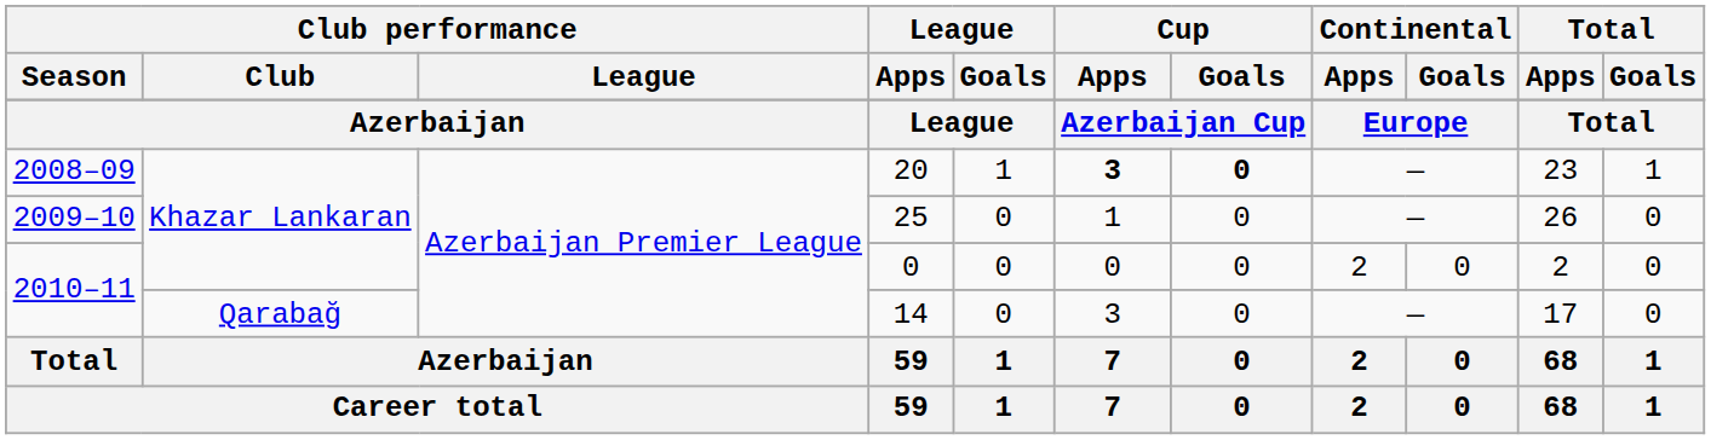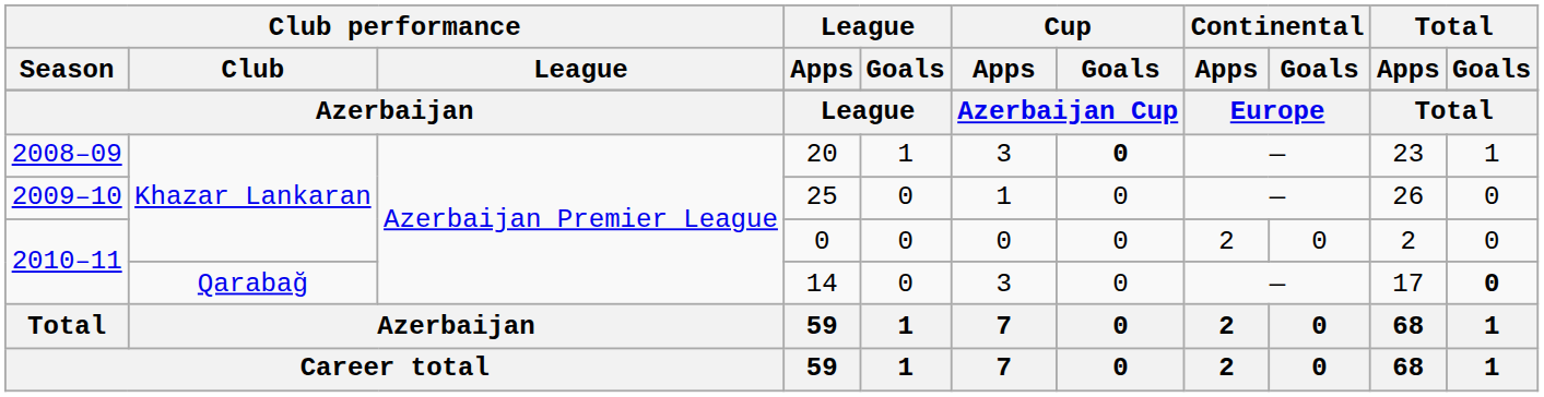 <table class="wikitable" style="text-align:center">
 <tr>
 <th colspan=3>Club performance</th>
 <th colspan=2>League</th>
 <th colspan=2>Cup</th>
 <th colspan=2>Continental</th>
 <th colspan=2>Total</th>
 </tr>
 <tr>
 <th>Season</th>
 <th>Club</th>
 <th>League</th>
 <th>Apps</th>
 <th>Goals</th>
 <th>Apps</th>
 <th>Goals</th>
 <th>Apps</th>
 <th>Goals</th>
 <th>Apps</th>
 <th>Goals</th>
 </tr>
 <tr>
 </tr>
 <tr>
 <th colspan=3>Azerbaijan</th>
 <th colspan=2>League</th>
 <th colspan=2><a href='#'>Azerbaijan Cup</a></th>
 <th colspan=2><a href='#'>Europe</a></th>
 <th colspan=2>Total</th>
 </tr>
 <tr>
 <td><a href='#'>2008–09</a></td>
 <td rowspan="3"><a href='#'>Khazar Lankaran</a></td>
 <td rowspan="4"><a href='#'>Azerbaijan Premier League</a></td>
 <td>20</td>
 <td>1</td>
-<td><strong>3</strong></td>
+<td>3</td>
 <td><strong>0</strong></td>
 <td colspan="2">—</td>
 <td>23</td>
 <td>1</td>
 </tr>
 <tr>
 <td><a href='#'>2009–10</a></td>
 <td>25</td>
 <td>0</td>
 <td>1</td>
 <td>0</td>
 <td colspan="2">—</td>
 <td>26</td>
 <td>0</td>
 </tr>
 <tr>
 <td rowspan="2"><a href='#'>2010–11</a></td>
 <td>0</td>
 <td>0</td>
 <td>0</td>
 <td>0</td>
 <td>2</td>
 <td>0</td>
 <td>2</td>
 <td>0</td>
 </tr>
 <tr>
 <td><a href='#'>Qarabağ</a></td>
 <td>14</td>
 <td>0</td>
 <td>3</td>
 <td>0</td>
 <td colspan="2">—</td>
 <td>17</td>
-<td>0</td>
+<td><strong>0</strong></td>
 </tr>
 <tr>
 <th rowspan=1>Total</th>
 <th colspan=2>Azerbaijan</th>
 <th>59</th>
 <th>1</th>
 <th>7</th>
 <th>0</th>
 <th>2</th>
 <th>0</th>
 <th>68</th>
 <th>1</th>
 </tr>
 <tr>
 <th colspan=3>Career total</th>
 <th>59</th>
 <th>1</th>
 <th>7</th>
 <th>0</th>
 <th>2</th>
 <th>0</th>
 <th>68</th>
 <th>1</th>
 </tr>
 </table>
